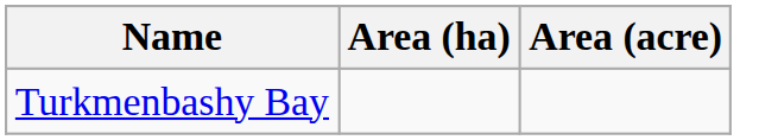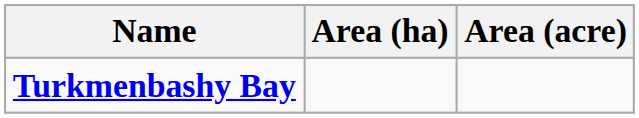 <table class="wikitable sortable">
 <tr>
 <th scope="col" align=left>Name</th>
 <th scope="col">Area (ha)</th>
 <th scope="col">Area (acre)</th>
 </tr>
 <tr ---->
-<td><a href='#'>Turkmenbashy Bay</a></td>
+<td><strong><a href='#'>Turkmenbashy Bay</a></strong></td>
 <td></td>
 </tr>
 </table>
